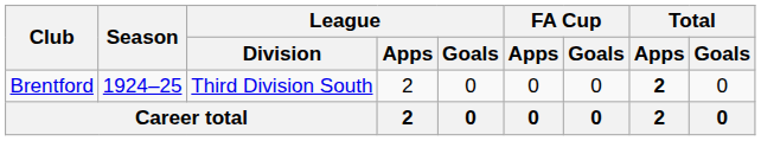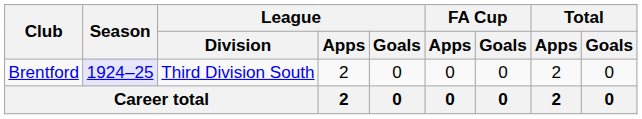 <table class="wikitable" style="text-align: center;">
 <tr>
 <th rowspan="2">Club</th>
 <th rowspan="2">Season</th>
 <th colspan="3">League</th>
 <th colspan="2">FA Cup</th>
 <th colspan="2">Total</th>
 </tr>
 <tr>
 <th>Division</th>
 <th>Apps</th>
 <th>Goals</th>
 <th>Apps</th>
 <th>Goals</th>
 <th>Apps</th>
 <th>Goals</th>
 </tr>
 <tr>
 <td><a href='#'>Brentford</a></td>
-<td><a href='#'>1924–25</a></td>
+<td style="background: lavender;"><a href='#'>1924–25</a></td>
 <td><a href='#'>Third Division South</a></td>
 <td>2</td>
 <td>0</td>
 <td>0</td>
 <td>0</td>
-<td><strong>2</strong></td>
+<td>2</td>
 <td>0</td>
 </tr>
 <tr>
 <th colspan="3">Career total</th>
 <th>2</th>
 <th>0</th>
 <th>0</th>
 <th>0</th>
 <th>2</th>
 <th>0</th>
 </tr>
 </table>
